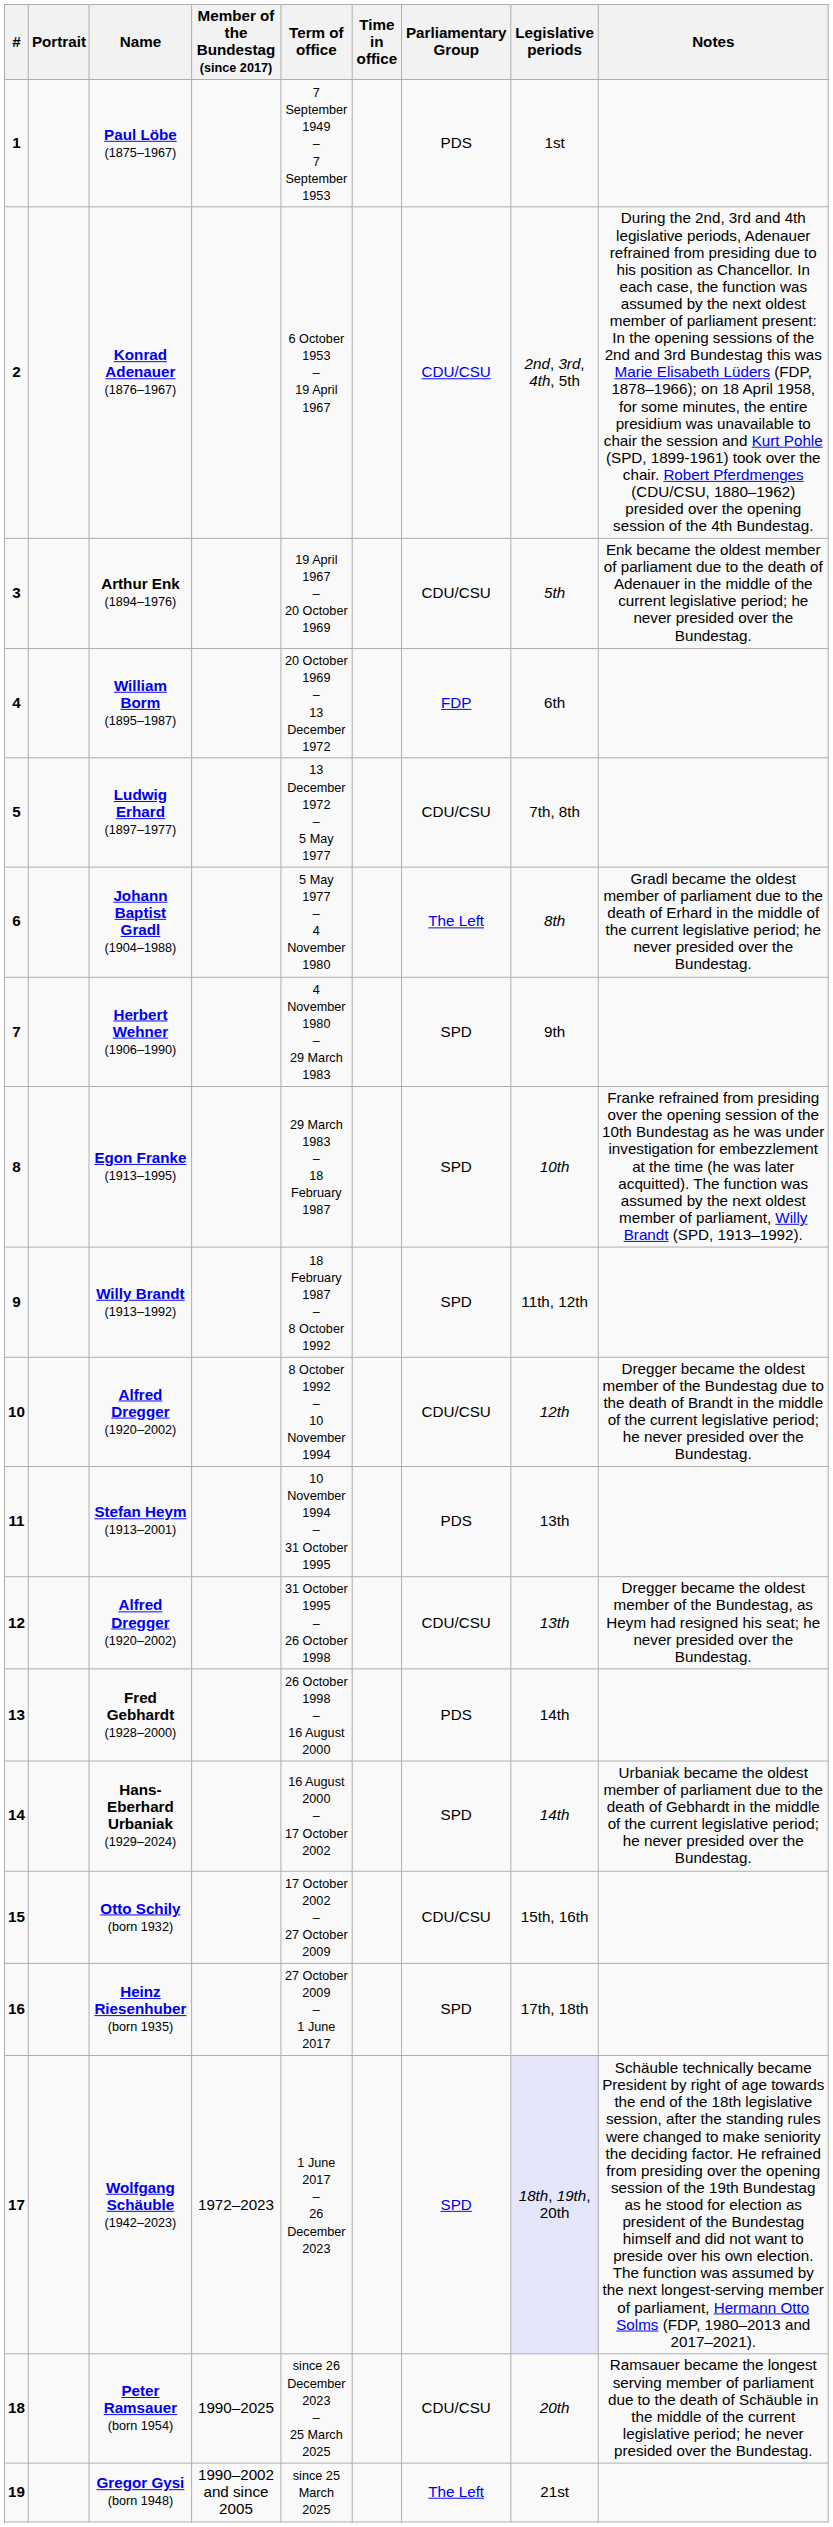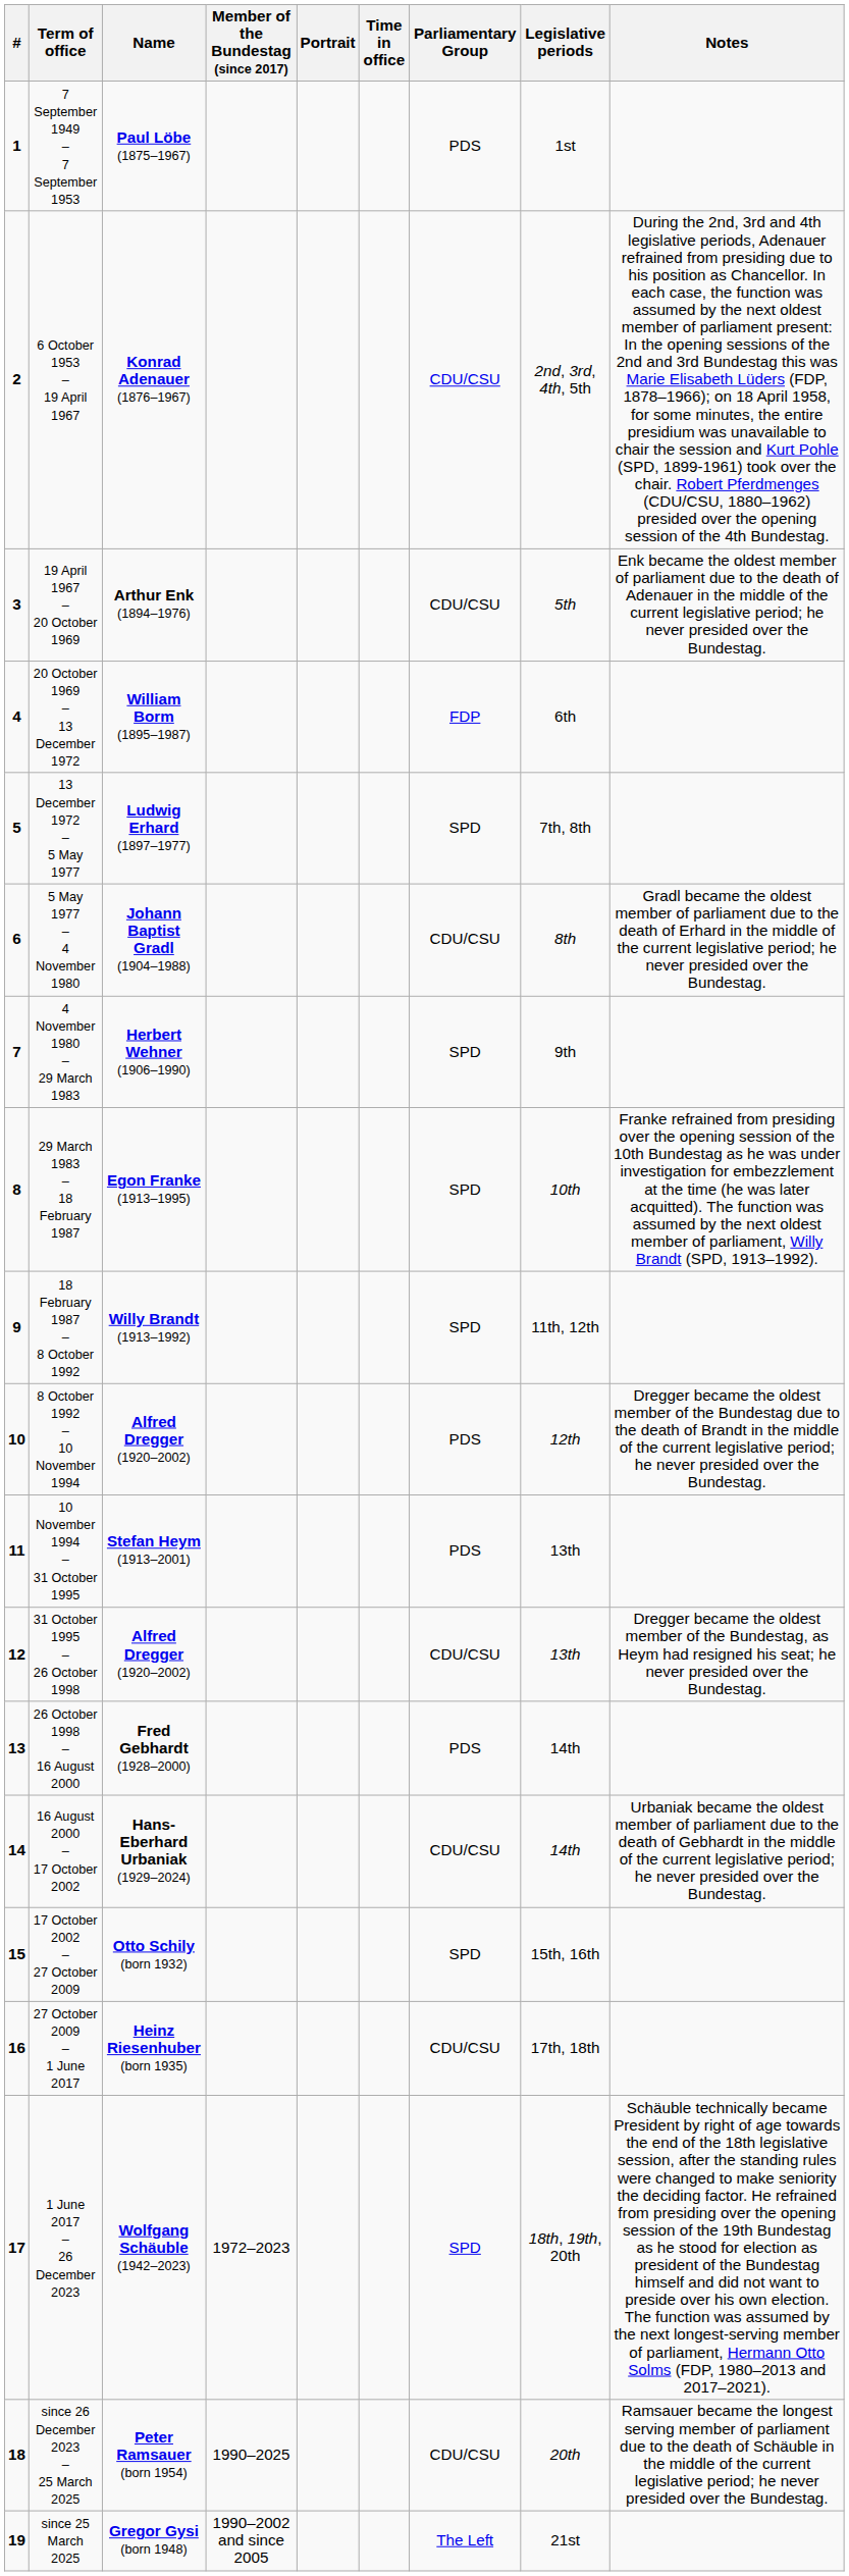 <table class="wikitable col9left" style="text-align:center;border:1px #AAAAFF solid">
 <tr>
 <th>#</th>
-<th>Portrait</th>
+<th>Term of office</th>
 <th>Name</th>
 <th>Member of the Bundestag<br><small>(since 2017)</small></th>
-<th>Term of office</th>
+<th>Portrait</th>
 <th>Time in office</th>
 <th>Parliamentary Group</th>
 <th>Legislative periods</th>
 <th>Notes</th>
 </tr>
 <tr>
 <td style="background-color:"><strong>1</strong></td>
-<td></td>
+<td><small>7 September 1949<br>–<br>7 September 1953</small></td>
 <td><strong><a href='#'>Paul Löbe</a></strong><br><small>(1875–1967)</small></td>
 <td></td>
-<td><small>7 September 1949<br>–<br>7 September 1953</small></td>
+<td></td>
 <td></td>
 <td>PDS</td>
 <td>1st</td>
 <td></td>
 </tr>
 <tr>
 <td style="background-color:"><strong>2</strong></td>
-<td></td>
+<td><small>6 October 1953<br>–<br>19 April 1967</small></td>
 <td><strong><a href='#'>Konrad Adenauer</a></strong><br><small>(1876–1967)</small></td>
 <td></td>
-<td><small>6 October 1953<br>–<br>19 April 1967</small></td>
+<td></td>
 <td></td>
 <td><a href='#'>CDU/CSU</a></td>
 <td><em>2nd</em>, <em>3rd</em>, <em>4th</em>, 5th</td>
 <td>During the 2nd, 3rd and 4th legislative periods, Adenauer refrained from presiding due to his position as Chancellor. In each case, the function was assumed by the next oldest member of parliament present: In the opening sessions of the 2nd and 3rd Bundestag this was <a href='#'>Marie Elisabeth Lüders</a> (FDP, 1878–1966); on 18 April 1958, for some minutes, the entire presidium was unavailable to chair the session and <a href='#'>Kurt Pohle</a> (SPD, 1899-1961) took over the chair. <a href='#'>Robert Pferdmenges</a> (CDU/CSU, 1880–1962) presided over the opening session of the 4th Bundestag.</td>
 </tr>
 <tr>
 <td style="background-color:"><strong>3</strong></td>
-<td></td>
+<td><small>19 April 1967<br>–<br>20 October 1969</small></td>
 <td><strong>Arthur Enk</strong><br><small>(1894–1976)</small></td>
 <td></td>
-<td><small>19 April 1967<br>–<br>20 October 1969</small></td>
+<td></td>
 <td></td>
 <td>CDU/CSU</td>
 <td><em>5th</em></td>
 <td>Enk became the oldest member of parliament due to the death of Adenauer in the middle of the current legislative period; he never presided over the Bundestag.</td>
 </tr>
 <tr>
 <td style="background-color:"><strong>4</strong></td>
-<td></td>
+<td><small>20 October 1969<br>–<br>13 December 1972</small></td>
 <td><strong><a href='#'>William Borm</a></strong><br><small>(1895–1987)</small></td>
 <td></td>
-<td><small>20 October 1969<br>–<br>13 December 1972</small></td>
+<td></td>
 <td></td>
 <td><a href='#'>FDP</a></td>
 <td>6th</td>
 <td></td>
 </tr>
 <tr>
 <td style="background-color:"><strong>5</strong></td>
-<td></td>
+<td><small>13 December 1972<br>–<br>5 May 1977</small></td>
 <td><strong><a href='#'>Ludwig Erhard</a></strong><br><small>(1897–1977)</small></td>
 <td></td>
-<td><small>13 December 1972<br>–<br>5 May 1977</small></td>
 <td></td>
-<td>CDU/CSU</td>
+<td></td>
+<td>SPD</td>
 <td>7th, 8th</td>
 <td></td>
 </tr>
 <tr>
 <td style="background-color:"><strong>6</strong></td>
-<td></td>
+<td><small>5 May 1977<br>–<br>4 November 1980</small></td>
 <td><strong><a href='#'>Johann Baptist Gradl</a></strong><br><small>(1904–1988)</small></td>
 <td></td>
-<td><small>5 May 1977<br>–<br>4 November 1980</small></td>
 <td></td>
-<td><a href='#'>The Left</a></td>
+<td></td>
+<td>CDU/CSU</td>
 <td><em>8th</em></td>
 <td>Gradl became the oldest member of parliament due to the death of Erhard in the middle of the current legislative period; he never presided over the Bundestag.</td>
 </tr>
 <tr>
 <td style="background-color:"><strong>7</strong></td>
-<td></td>
+<td><small>4 November 1980<br>–<br>29 March 1983</small></td>
 <td><strong><a href='#'>Herbert Wehner</a></strong><br><small>(1906–1990)</small></td>
 <td></td>
-<td><small>4 November 1980<br>–<br>29 March 1983</small></td>
+<td></td>
 <td></td>
 <td>SPD</td>
 <td>9th</td>
 <td></td>
 </tr>
 <tr>
 <td style="background-color:"><strong>8</strong></td>
-<td></td>
+<td><small>29 March 1983<br>–<br>18 February 1987</small></td>
 <td><strong><a href='#'>Egon Franke</a></strong><br><small>(1913–1995)</small></td>
 <td></td>
-<td><small>29 March 1983<br>–<br>18 February 1987</small></td>
+<td></td>
 <td></td>
 <td>SPD</td>
 <td><em>10th</em></td>
 <td>Franke refrained from presiding over the opening session of the 10th Bundestag as he was under investigation for embezzlement at the time (he was later acquitted). The function was assumed by the next oldest member of parliament, <a href='#'>Willy Brandt</a> (SPD, 1913–1992).</td>
 </tr>
 <tr>
 <td style="background-color:"><strong>9</strong></td>
-<td></td>
+<td><small>18 February 1987<br>–<br>8 October 1992</small></td>
 <td><strong><a href='#'>Willy Brandt</a></strong><br><small>(1913–1992)</small></td>
 <td></td>
-<td><small>18 February 1987<br>–<br>8 October 1992</small></td>
+<td></td>
 <td></td>
 <td>SPD</td>
 <td>11th, 12th</td>
 <td></td>
 </tr>
 <tr>
 <td style="background-color:"><strong>10</strong></td>
-<td></td>
+<td><small>8 October 1992<br>–<br>10 November 1994</small></td>
 <td><strong><a href='#'>Alfred Dregger</a></strong><br><small>(1920–2002)</small></td>
 <td></td>
-<td><small>8 October 1992<br>–<br>10 November 1994</small></td>
 <td></td>
-<td>CDU/CSU</td>
+<td></td>
+<td>PDS</td>
 <td><em>12th</em></td>
 <td>Dregger became the oldest member of the Bundestag due to the death of Brandt in the middle of the current legislative period; he never presided over the Bundestag.</td>
 </tr>
 <tr>
 <td style="background-color:"><strong>11</strong></td>
-<td></td>
+<td><small>10 November 1994<br>–<br>31 October 1995</small></td>
 <td><strong><a href='#'>Stefan Heym</a></strong><br><small>(1913–2001)</small></td>
 <td></td>
-<td><small>10 November 1994<br>–<br>31 October 1995</small></td>
+<td></td>
 <td></td>
 <td>PDS</td>
 <td>13th</td>
 <td></td>
 </tr>
 <tr>
 <td style="background-color:"><strong>12</strong></td>
-<td></td>
+<td><small>31 October 1995<br>–<br>26 October 1998</small></td>
 <td><strong><a href='#'>Alfred Dregger</a></strong><br><small>(1920–2002)</small></td>
 <td></td>
-<td><small>31 October 1995<br>–<br>26 October 1998</small></td>
+<td></td>
 <td></td>
 <td>CDU/CSU</td>
 <td><em>13th</em></td>
 <td>Dregger became the oldest member of the Bundestag, as Heym had resigned his seat; he never presided over the Bundestag.</td>
 </tr>
 <tr>
 <td style="background-color:"><strong>13</strong></td>
-<td></td>
+<td><small>26 October 1998<br>–<br>16 August 2000</small></td>
 <td><strong>Fred Gebhardt</strong><br><small>(1928–2000)</small></td>
 <td></td>
-<td><small>26 October 1998<br>–<br>16 August 2000</small></td>
+<td></td>
 <td></td>
 <td>PDS</td>
 <td>14th</td>
 <td></td>
 </tr>
 <tr>
 <td style="background-color:"><strong>14</strong></td>
-<td></td>
+<td><small>16 August 2000<br>–<br>17 October 2002</small></td>
 <td><strong>Hans-Eberhard Urbaniak</strong><br><small>(1929–2024)</small></td>
 <td></td>
-<td><small>16 August 2000<br>–<br>17 October 2002</small></td>
 <td></td>
-<td>SPD</td>
+<td></td>
+<td>CDU/CSU</td>
 <td><em>14th</em></td>
 <td>Urbaniak became the oldest member of parliament due to the death of Gebhardt in the middle of the current legislative period; he never presided over the Bundestag.</td>
 </tr>
 <tr>
 <td style="background-color:"><strong>15</strong></td>
-<td></td>
+<td><small>17 October 2002<br>–<br>27 October 2009</small></td>
 <td><strong><a href='#'>Otto Schily</a></strong><br><small>(born 1932)</small></td>
 <td></td>
-<td><small>17 October 2002<br>–<br>27 October 2009</small></td>
 <td></td>
-<td>CDU/CSU</td>
+<td></td>
+<td>SPD</td>
 <td>15th, 16th</td>
 <td></td>
 </tr>
 <tr>
 <td style="background-color:"><strong>16</strong></td>
-<td></td>
+<td><small>27 October 2009<br>–<br>1 June 2017</small></td>
 <td><strong><a href='#'>Heinz Riesenhuber</a></strong><br><small>(born 1935)</small></td>
 <td></td>
-<td><small>27 October 2009<br>–<br>1 June 2017</small></td>
 <td></td>
-<td>SPD</td>
+<td></td>
+<td>CDU/CSU</td>
 <td>17th, 18th</td>
 <td></td>
 </tr>
 <tr>
 <td style="background-color:"><strong>17</strong></td>
-<td></td>
+<td><small>1 June 2017<br>–<br>26 December 2023</small></td>
 <td><strong><a href='#'>Wolfgang Schäuble</a></strong><br><small>(1942–2023)</small></td>
 <td>1972–2023</td>
-<td><small>1 June 2017<br>–<br>26 December 2023</small></td>
+<td></td>
 <td></td>
 <td><a href='#'>SPD</a></td>
-<td style="background: lavender;"><em>18th</em>, <em>19th</em>, 20th</td>
+<td><em>18th</em>, <em>19th</em>, 20th</td>
 <td>Schäuble technically became President by right of age towards the end of the 18th legislative session, after the standing rules were changed to make seniority the deciding factor. He refrained from presiding over the opening session of the 19th Bundestag as he stood for election as president of the Bundestag himself and did not want to preside over his own election. The function was assumed by the next longest-serving member of parliament, <a href='#'>Hermann Otto Solms</a> (FDP, 1980–2013 and 2017–2021).</td>
 </tr>
 <tr>
 <td style="background-color:"><strong>18</strong></td>
-<td></td>
+<td><small>since 26 December 2023<br>–<br>25 March 2025</small></td>
 <td><strong><a href='#'>Peter Ramsauer</a></strong><br><small>(born 1954)</small></td>
 <td>1990–2025</td>
-<td><small>since 26 December 2023<br>–<br>25 March 2025</small></td>
+<td></td>
 <td></td>
 <td>CDU/CSU</td>
 <td><em>20th</em></td>
 <td>Ramsauer became the longest serving member of parliament due to the death of Schäuble in the middle of the current legislative period; he never presided over the Bundestag.</td>
 </tr>
 <tr>
 <td style="background-color:"><strong>19</strong></td>
-<td></td>
+<td><small>since 25 March 2025</small></td>
 <td><strong><a href='#'>Gregor Gysi</a></strong><br><small>(born 1948)</small></td>
 <td>1990–2002 and since 2005</td>
-<td><small>since 25 March 2025</small></td>
+<td></td>
 <td></td>
 <td><a href='#'>The Left</a></td>
 <td>21st</td>
 <td></td>
 </tr>
 </table>
